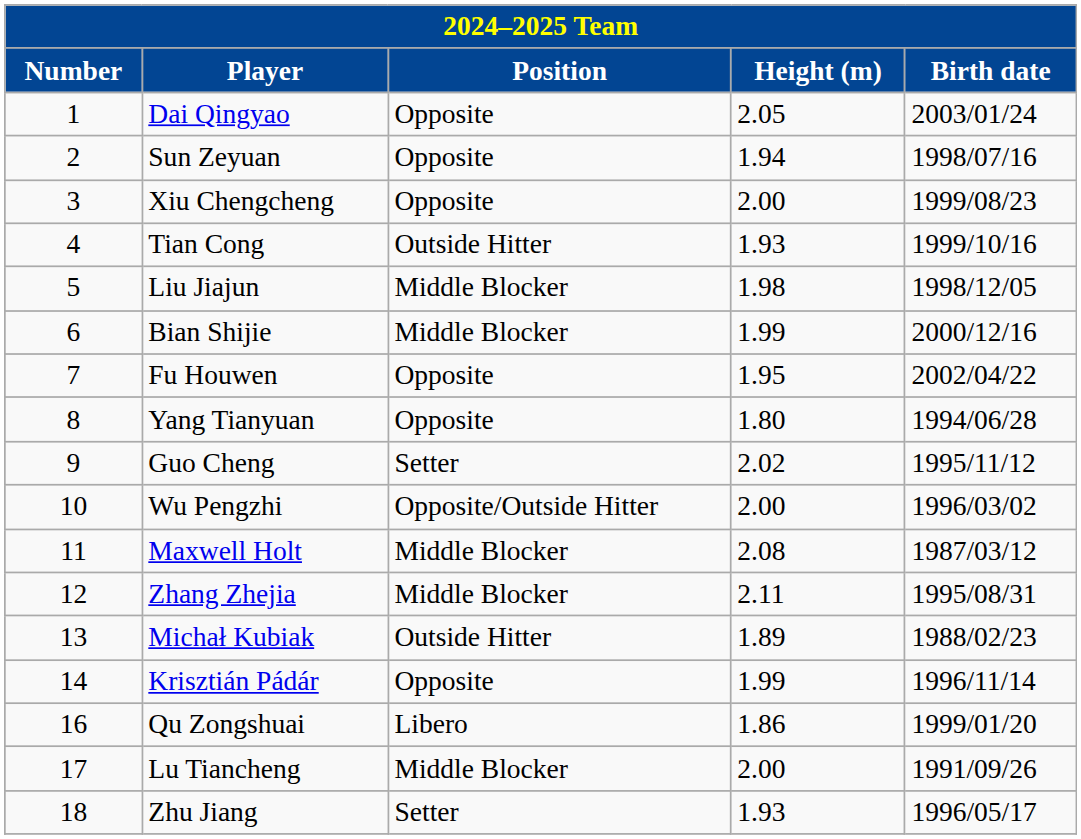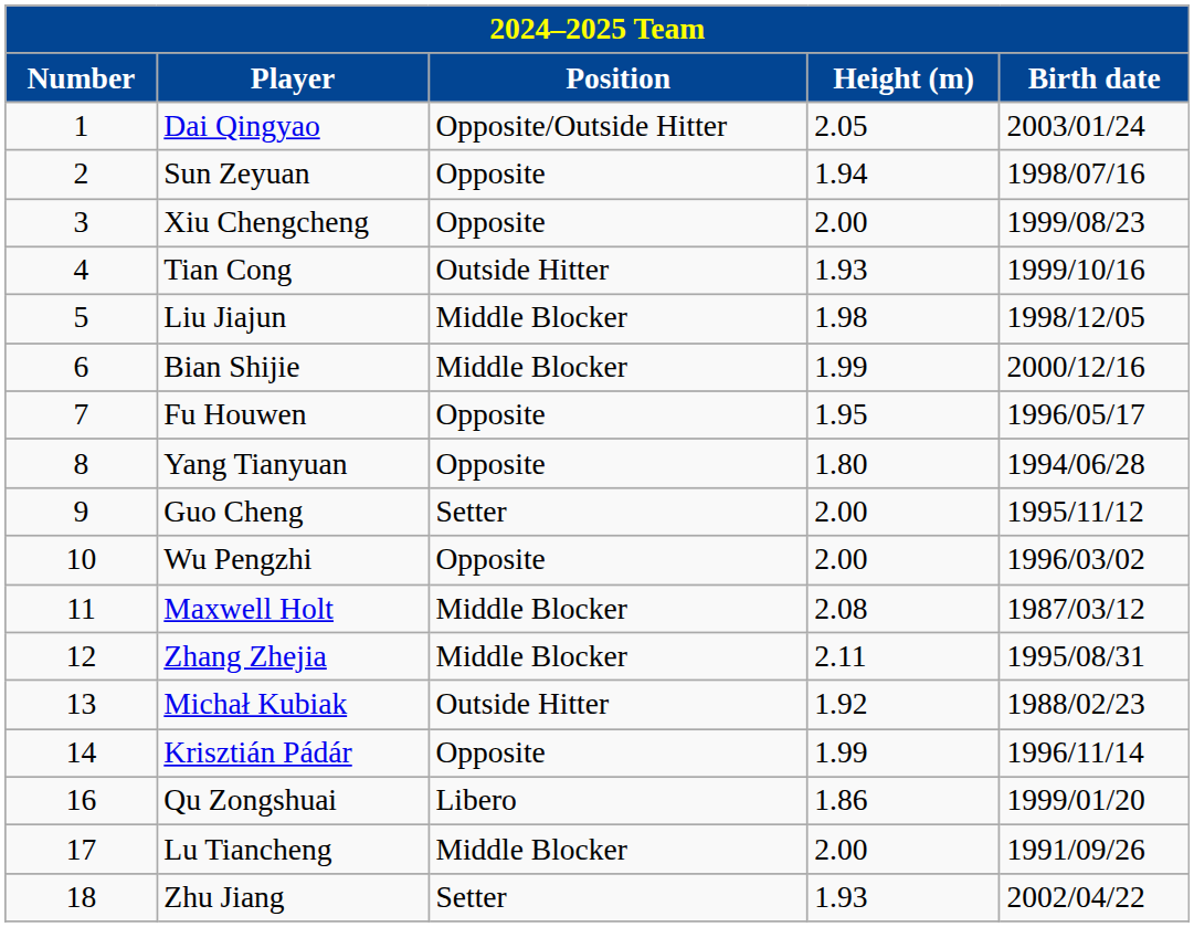 <table class="wikitable" style="width:100%;">
 <tr>
 <th style="color:#ffff00; background:#024593;" colspan=6><strong>2024–2025 Team</strong></th>
 </tr>
 <tr>
 <th style="color:#ffffff; background:#024593;">Number</th>
 <th style="color:#ffffff; background:#024593;">Player</th>
 <th style="color:#ffffff; background:#024593;">Position</th>
 <th style="color:#ffffff; background:#024593;">Height (m)</th>
 <th style="color:#ffffff; background:#024593;">Birth date</th>
 </tr>
 <tr align=left>
 <td align=center>1</td>
 <td> <a href='#'>Dai Qingyao</a></td>
-<td>Opposite</td>
+<td>Opposite/Outside Hitter</td>
 <td>2.05</td>
 <td>2003/01/24</td>
 </tr>
 <tr align="left">
 <td align=center>2</td>
 <td> Sun Zeyuan</td>
 <td>Opposite</td>
 <td>1.94</td>
 <td>1998/07/16</td>
 </tr>
 <tr align="left">
 <td align=center>3</td>
 <td> Xiu Chengcheng</td>
 <td>Opposite</td>
 <td>2.00</td>
 <td>1999/08/23</td>
 </tr>
 <tr align="left">
 <td align=center>4</td>
 <td> Tian Cong</td>
 <td>Outside Hitter</td>
 <td>1.93</td>
 <td>1999/10/16</td>
 </tr>
 <tr align="left">
 <td align=center>5</td>
 <td>  Liu Jiajun</td>
 <td>Middle Blocker</td>
 <td>1.98</td>
 <td>1998/12/05</td>
 </tr>
 <tr align="left">
 <td align=center>6</td>
 <td> Bian Shijie</td>
 <td>Middle Blocker</td>
 <td>1.99</td>
 <td>2000/12/16</td>
 </tr>
 <tr align="left">
 <td align=center>7</td>
 <td> Fu Houwen</td>
 <td>Opposite</td>
 <td>1.95</td>
-<td>2002/04/22</td>
+<td>1996/05/17</td>
 </tr>
 <tr align="left">
 <td align=center>8</td>
 <td> Yang Tianyuan</td>
 <td>Opposite</td>
 <td>1.80</td>
 <td>1994/06/28</td>
 </tr>
 <tr align="left">
 <td align=center>9</td>
 <td> Guo Cheng</td>
 <td>Setter</td>
-<td>2.02</td>
+<td>2.00</td>
 <td>1995/11/12</td>
 </tr>
 <tr align="left">
 <td align=center>10</td>
 <td> Wu Pengzhi</td>
-<td>Opposite/Outside Hitter</td>
+<td>Opposite</td>
 <td>2.00</td>
 <td>1996/03/02</td>
 </tr>
 <tr align="left">
 <td align=center>11</td>
 <td> <a href='#'>Maxwell Holt</a></td>
 <td>Middle Blocker</td>
 <td>2.08</td>
 <td>1987/03/12</td>
 </tr>
 <tr align="left">
 <td align=center>12</td>
 <td> <a href='#'>Zhang Zhejia</a></td>
 <td>Middle Blocker</td>
 <td>2.11</td>
 <td>1995/08/31</td>
 </tr>
 <tr align="left">
 <td align=center>13</td>
 <td> <a href='#'>Michał Kubiak</a></td>
 <td>Outside Hitter</td>
-<td>1.89</td>
+<td>1.92</td>
 <td>1988/02/23</td>
 </tr>
 <tr align="left">
 <td align=center>14</td>
 <td> <a href='#'>Krisztián Pádár</a></td>
 <td>Opposite</td>
 <td>1.99</td>
 <td>1996/11/14</td>
 </tr>
 <tr align="left">
 <td align=center>16</td>
 <td> Qu Zongshuai</td>
 <td>Libero</td>
 <td>1.86</td>
 <td>1999/01/20</td>
 </tr>
 <tr align="left">
 <td align=center>17</td>
 <td> Lu Tiancheng</td>
 <td>Middle Blocker</td>
 <td>2.00</td>
 <td>1991/09/26</td>
 </tr>
 <tr align="left">
 <td align=center>18</td>
 <td> Zhu Jiang</td>
 <td>Setter</td>
 <td>1.93</td>
-<td>1996/05/17</td>
+<td>2002/04/22</td>
 </tr>
 </table>
